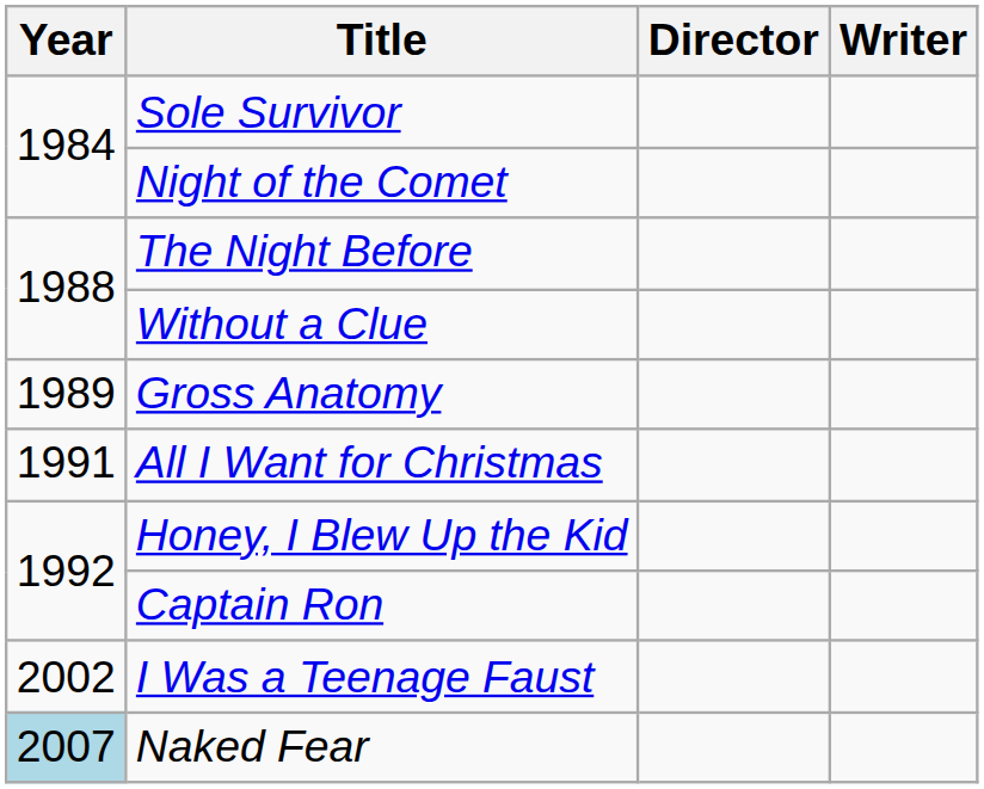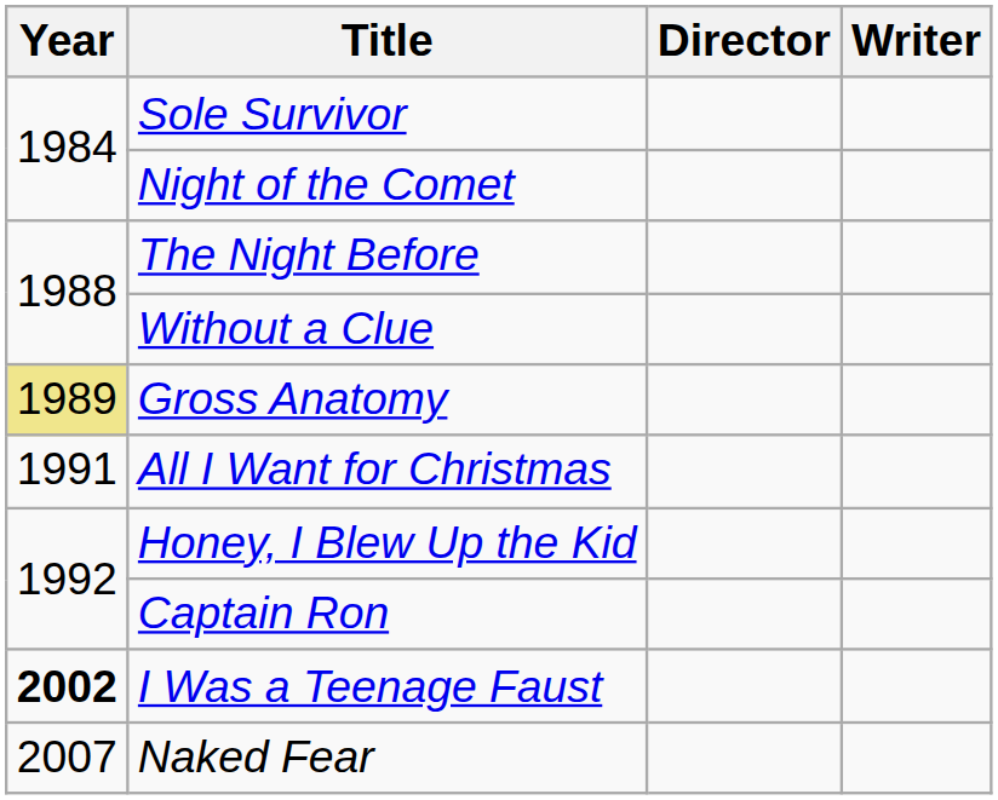 <table class="wikitable">
 <tr>
 <th>Year</th>
 <th>Title</th>
 <th>Director</th>
 <th>Writer</th>
 </tr>
 <tr>
 <td rowspan=2>1984</td>
 <td><em><a href='#'>Sole Survivor</a></em></td>
 <td></td>
 <td></td>
 </tr>
 <tr>
 <td><em><a href='#'>Night of the Comet</a></em></td>
 <td></td>
 <td></td>
 </tr>
 <tr>
 <td rowspan=2>1988</td>
 <td><em><a href='#'>The Night Before</a></em></td>
 <td></td>
 <td></td>
 </tr>
 <tr>
 <td><em><a href='#'>Without a Clue</a></em></td>
 <td></td>
 <td></td>
 </tr>
 <tr>
-<td>1989</td>
+<td style="background: khaki;">1989</td>
 <td><em><a href='#'>Gross Anatomy</a></em></td>
 <td></td>
 <td></td>
 </tr>
 <tr>
 <td>1991</td>
 <td><em><a href='#'>All I Want for Christmas</a></em></td>
 <td></td>
 <td></td>
 </tr>
 <tr>
 <td rowspan=2>1992</td>
 <td><em><a href='#'>Honey, I Blew Up the Kid</a></em></td>
 <td></td>
 <td></td>
 </tr>
 <tr>
 <td><em><a href='#'>Captain Ron</a></em></td>
 <td></td>
 <td></td>
 </tr>
 <tr>
-<td>2002</td>
+<td><strong>2002</strong></td>
 <td><em><a href='#'>I Was a Teenage Faust</a></em></td>
 <td></td>
 <td></td>
 </tr>
 <tr>
-<td style="background: lightblue;">2007</td>
+<td>2007</td>
 <td><em>Naked Fear</em></td>
 <td></td>
 <td></td>
 </tr>
 </table>
